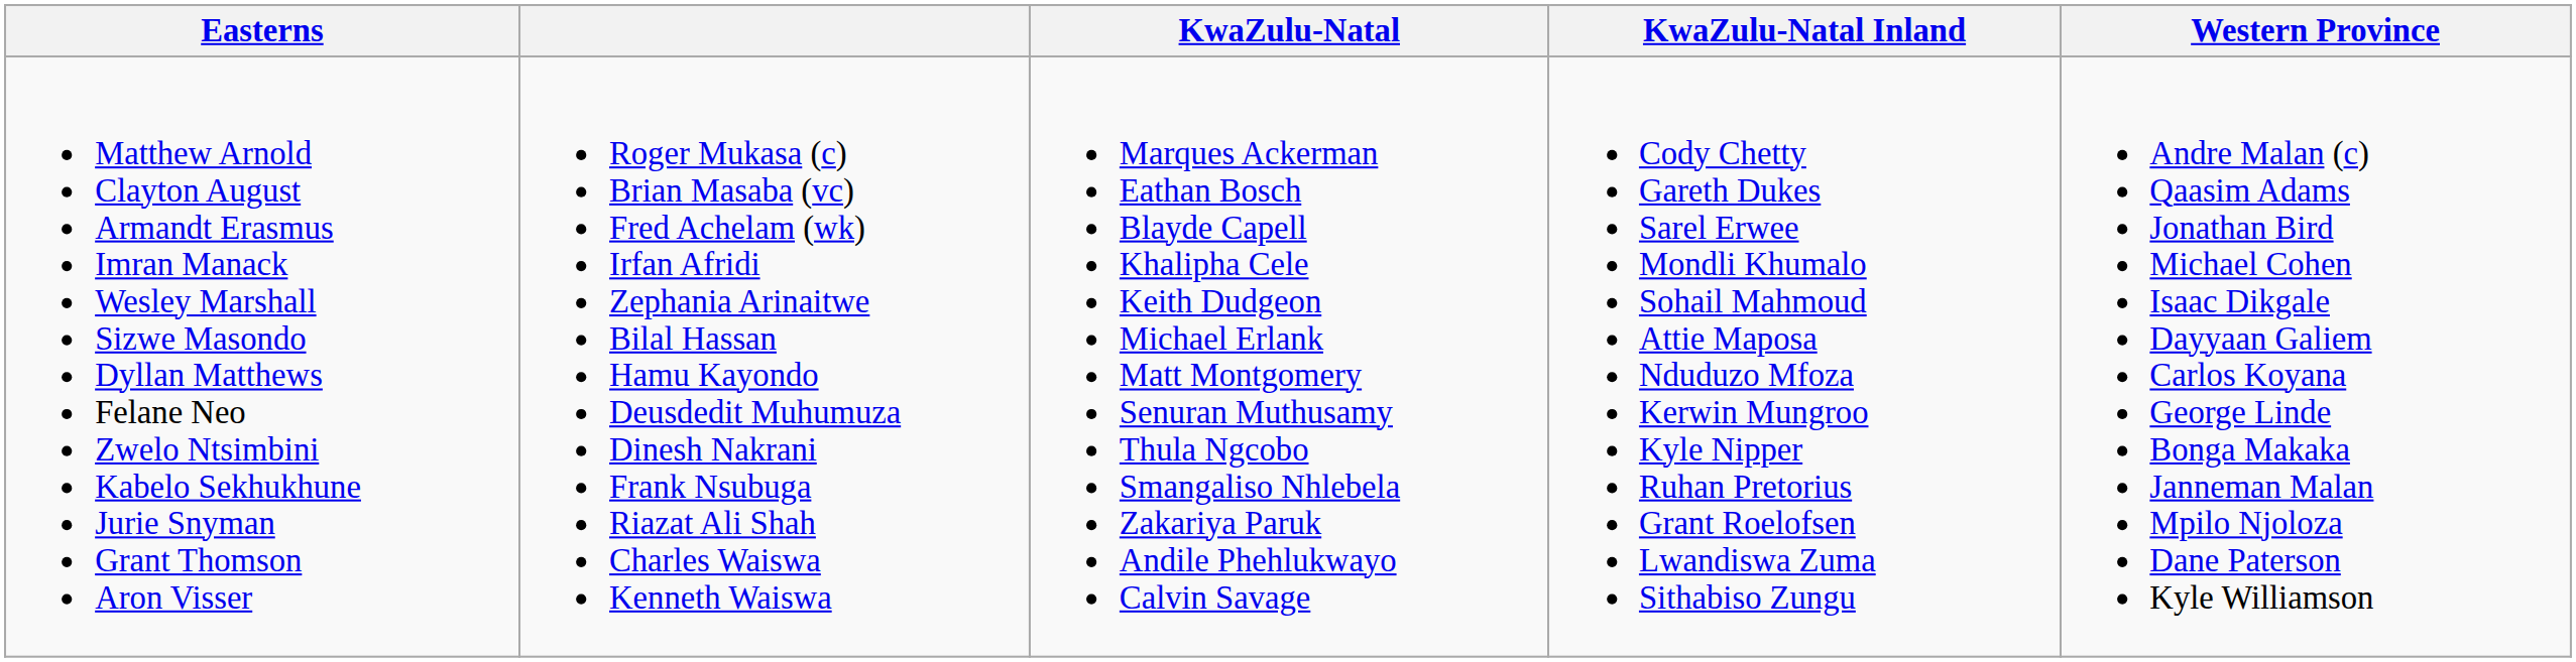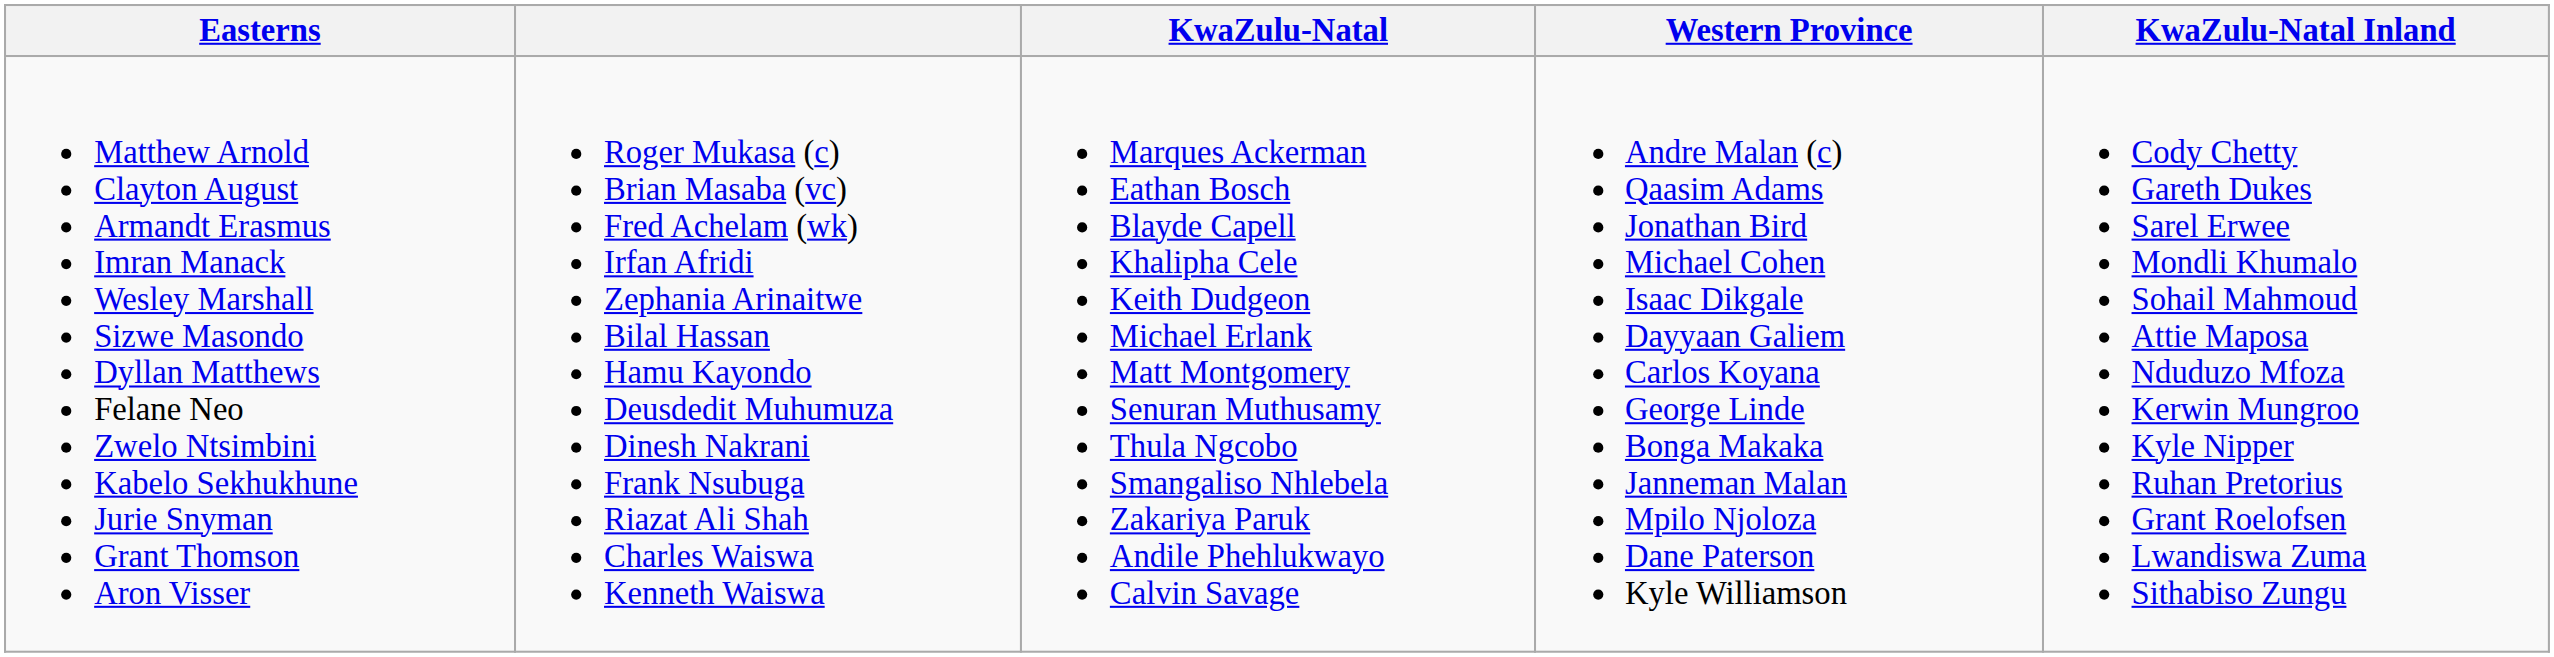 <table class="wikitable">
 <tr>
 <th width=300> <a href='#'>Easterns</a></th>
 <th width=300></th>
 <th width=300> <a href='#'>KwaZulu-Natal</a></th>
+<th width=300> <a href='#'>Western Province</a></th>
 <th width=300> <a href='#'>KwaZulu-Natal Inland</a></th>
-<th width=300> <a href='#'>Western Province</a></th>
 </tr>
 <tr>
 <td valign=top><br><ul><li><a href='#'>Matthew Arnold</a></li><li><a href='#'>Clayton August</a></li><li><a href='#'>Armandt Erasmus</a></li><li><a href='#'>Imran Manack</a></li><li><a href='#'>Wesley Marshall</a></li><li><a href='#'>Sizwe Masondo</a></li><li><a href='#'>Dyllan Matthews</a></li><li>Felane Neo</li><li><a href='#'>Zwelo Ntsimbini</a></li><li><a href='#'>Kabelo Sekhukhune</a></li><li><a href='#'>Jurie Snyman</a></li><li><a href='#'>Grant Thomson</a></li><li><a href='#'>Aron Visser</a></li></ul></td>
 <td><br><ul><li><a href='#'>Roger Mukasa</a> (<a href='#'>c</a>)</li><li><a href='#'>Brian Masaba</a> (<a href='#'>vc</a>)</li><li><a href='#'>Fred Achelam</a> (<a href='#'>wk</a>)</li><li><a href='#'>Irfan Afridi</a></li><li><a href='#'>Zephania Arinaitwe</a></li><li><a href='#'>Bilal Hassan</a></li><li><a href='#'>Hamu Kayondo</a></li><li><a href='#'>Deusdedit Muhumuza</a></li><li><a href='#'>Dinesh  Nakrani</a></li><li><a href='#'>Frank Nsubuga</a></li><li><a href='#'>Riazat Ali Shah</a></li><li><a href='#'>Charles Waiswa</a></li><li><a href='#'>Kenneth Waiswa</a></li></ul></td>
 <td><br><ul><li><a href='#'>Marques Ackerman</a></li><li><a href='#'>Eathan Bosch</a></li><li><a href='#'>Blayde Capell</a></li><li><a href='#'>Khalipha Cele</a></li><li><a href='#'>Keith Dudgeon</a></li><li><a href='#'>Michael Erlank</a></li><li><a href='#'>Matt Montgomery</a></li><li><a href='#'>Senuran Muthusamy</a></li><li><a href='#'>Thula Ngcobo</a></li><li><a href='#'>Smangaliso Nhlebela</a></li><li><a href='#'>Zakariya Paruk</a></li><li><a href='#'>Andile Phehlukwayo</a></li><li><a href='#'>Calvin Savage</a></li></ul></td>
+<td><br><ul><li><a href='#'>Andre Malan</a> (<a href='#'>c</a>)</li><li><a href='#'>Qaasim Adams</a></li><li><a href='#'>Jonathan Bird</a></li><li><a href='#'>Michael Cohen</a></li><li><a href='#'>Isaac Dikgale</a></li><li><a href='#'>Dayyaan Galiem</a></li><li><a href='#'>Carlos Koyana</a></li><li><a href='#'>George Linde</a></li><li><a href='#'>Bonga Makaka</a></li><li><a href='#'>Janneman Malan</a></li><li><a href='#'>Mpilo Njoloza</a></li><li><a href='#'>Dane Paterson</a></li><li>Kyle Williamson</li></ul></td>
 <td><br><ul><li><a href='#'>Cody Chetty</a></li><li><a href='#'>Gareth Dukes</a></li><li><a href='#'>Sarel Erwee</a></li><li><a href='#'>Mondli Khumalo</a></li><li><a href='#'>Sohail Mahmoud</a></li><li><a href='#'>Attie Maposa</a></li><li><a href='#'>Nduduzo Mfoza</a></li><li><a href='#'>Kerwin Mungroo</a></li><li><a href='#'>Kyle Nipper</a></li><li><a href='#'>Ruhan Pretorius</a></li><li><a href='#'>Grant Roelofsen</a></li><li><a href='#'>Lwandiswa Zuma</a></li><li><a href='#'>Sithabiso Zungu</a></li></ul></td>
-<td><br><ul><li><a href='#'>Andre Malan</a> (<a href='#'>c</a>)</li><li><a href='#'>Qaasim Adams</a></li><li><a href='#'>Jonathan Bird</a></li><li><a href='#'>Michael Cohen</a></li><li><a href='#'>Isaac Dikgale</a></li><li><a href='#'>Dayyaan Galiem</a></li><li><a href='#'>Carlos Koyana</a></li><li><a href='#'>George Linde</a></li><li><a href='#'>Bonga Makaka</a></li><li><a href='#'>Janneman Malan</a></li><li><a href='#'>Mpilo Njoloza</a></li><li><a href='#'>Dane Paterson</a></li><li>Kyle Williamson</li></ul></td>
 </tr>
 </table>
